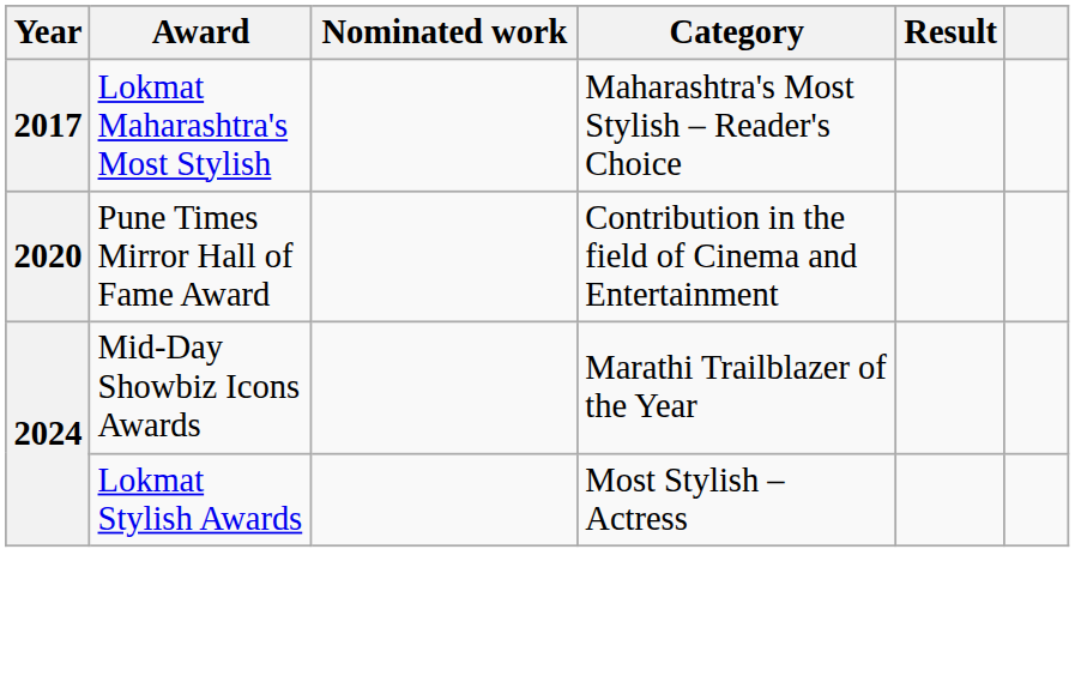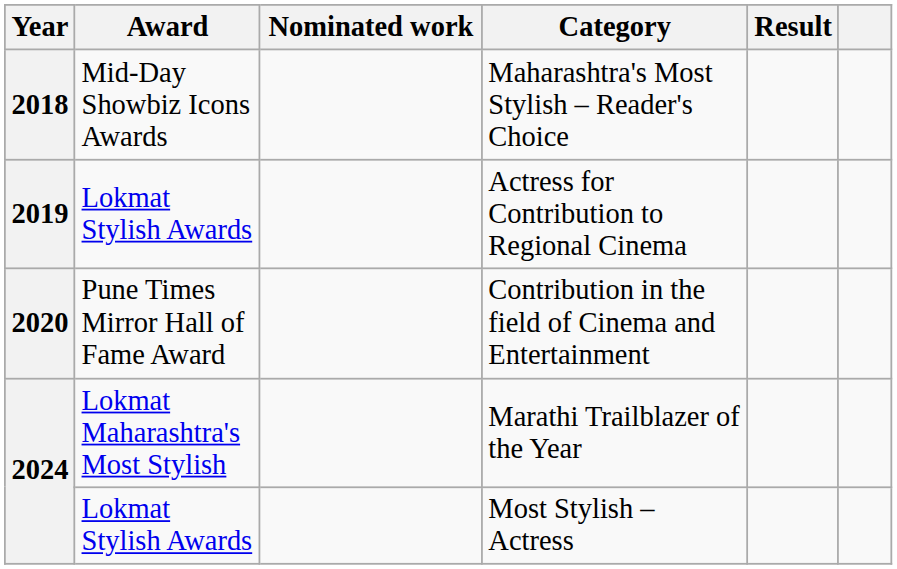 <table class="wikitable sortable plainrowheaders" style="width:80%;">
 <tr>
 <th scope="col" style="width:4%;">Year</th>
 <th scope="col" style="wodth:30%;">Award</th>
 <th scope="col" style="width:25%;">Nominated work</th>
 <th scope="col" style="width:30%;">Category</th>
 <th scope="col" style="width:6%;">Result</th>
 <th scope="col" style="width:6%;"></th>
 </tr>
 <tr>
-<th scope="row">2017</th>
-<td><a href='#'>Lokmat Maharashtra's Most Stylish</a></td>
+<th scope="row">2018</th>
+<td>Mid-Day Showbiz Icons Awards</td>
 <td></td>
 <td>Maharashtra's Most Stylish – Reader's Choice</td>
+<td></td>
+<td style="text-align:center;"></td>
+</tr>
+<tr>
+<th scope="row">2019</th>
+<td><a href='#'>Lokmat Stylish Awards</a></td>
+<td></td>
+<td>Actress for Contribution to Regional Cinema</td>
 <td></td>
 <td style="text-align:center;"></td>
 </tr>
 <tr>
 <th scope="row">2020</th>
 <td>Pune Times Mirror Hall of Fame Award</td>
 <td></td>
 <td>Contribution in the field of Cinema and Entertainment</td>
 <td></td>
 <td style="text-align:center;"></td>
 </tr>
 <tr>
 <th rowspan="2" scope="row">2024</th>
-<td>Mid-Day Showbiz Icons Awards</td>
+<td><a href='#'>Lokmat Maharashtra's Most Stylish</a></td>
 <td></td>
 <td>Marathi Trailblazer of the Year</td>
 <td></td>
 <td style="text-align:center;"></td>
 </tr>
 <tr>
 <td><a href='#'>Lokmat Stylish Awards</a></td>
 <td></td>
 <td>Most Stylish – Actress</td>
 <td></td>
 <td style="text-align:center;"></td>
 </tr>
 </table>
